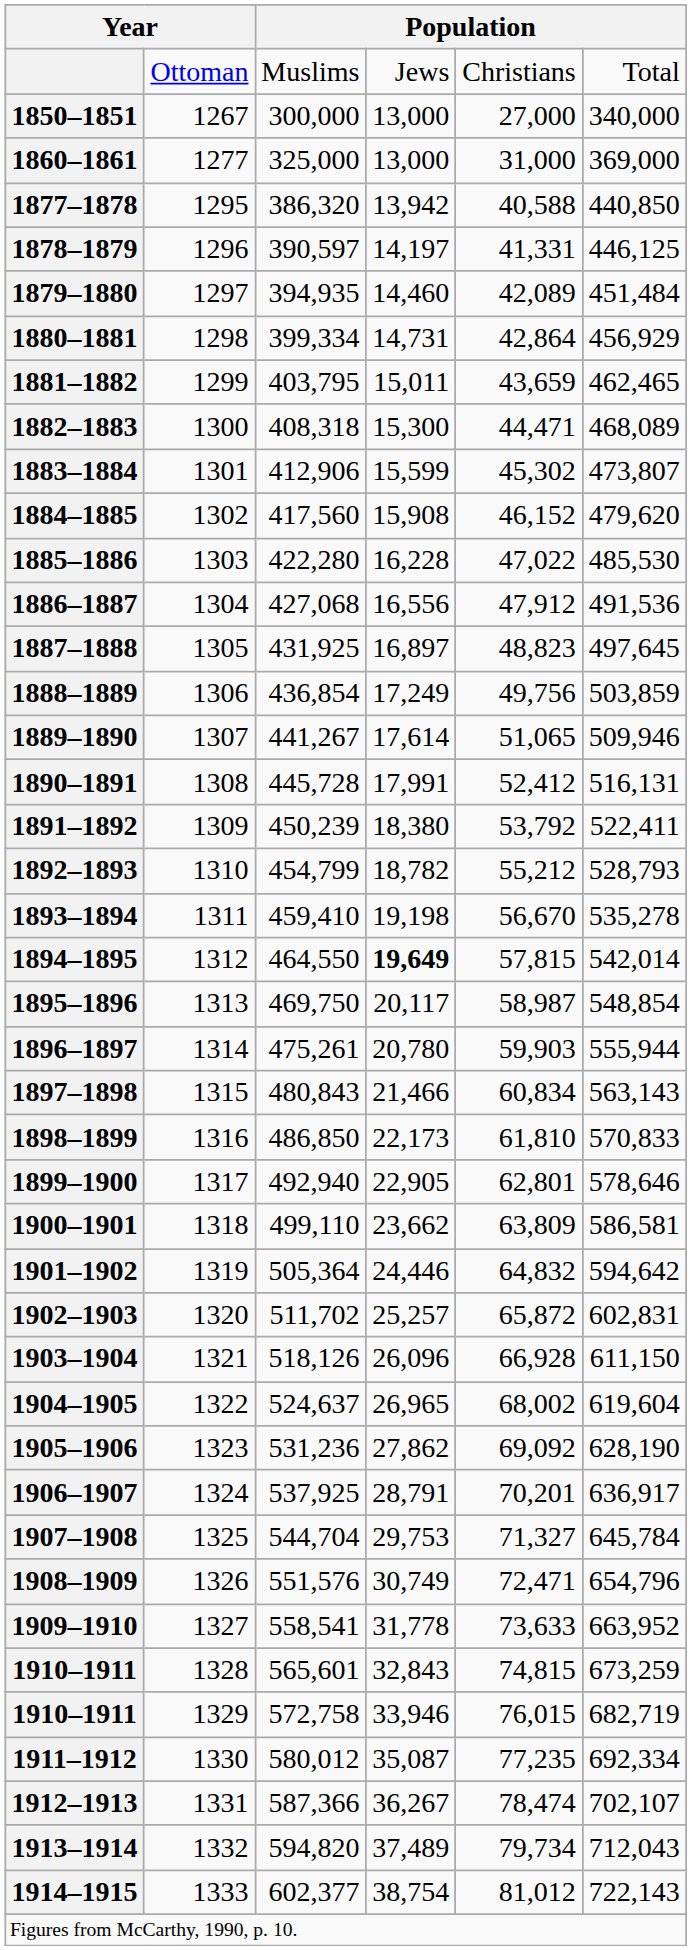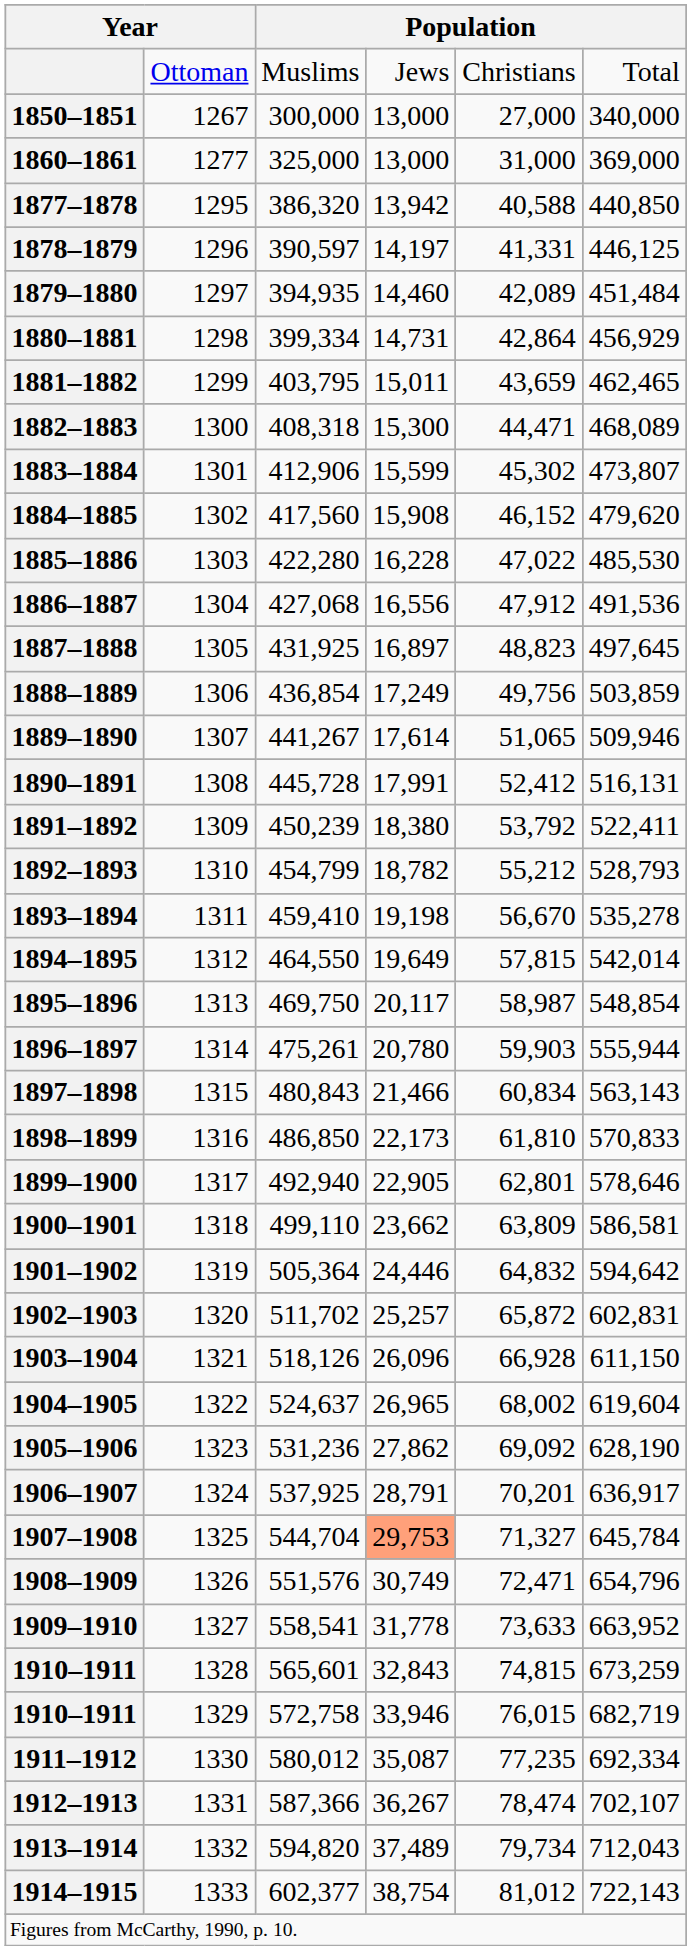 <table class="wikitable sortable" style="text-align:right; float:right">
 <tr>
 <th colspan="2">Year</th>
 <th colspan="4">Population</th>
 </tr>
 <tr>
 <th></th>
 <td><a href='#'>Ottoman</a></td>
 <td>Muslims</td>
 <td>Jews</td>
 <td>Christians</td>
 <td>Total</td>
 </tr>
 <tr>
 <th>1850–1851</th>
 <td>1267</td>
 <td>300,000</td>
 <td>13,000</td>
 <td>27,000</td>
 <td>340,000</td>
 </tr>
 <tr>
 <th>1860–1861</th>
 <td>1277</td>
 <td>325,000</td>
 <td>13,000</td>
 <td>31,000</td>
 <td>369,000</td>
 </tr>
 <tr>
 <th>1877–1878</th>
 <td>1295</td>
 <td>386,320</td>
 <td>13,942</td>
 <td>40,588</td>
 <td>440,850</td>
 </tr>
 <tr>
 <th>1878–1879</th>
 <td>1296</td>
 <td>390,597</td>
 <td>14,197</td>
 <td>41,331</td>
 <td>446,125</td>
 </tr>
 <tr>
 <th>1879–1880</th>
 <td>1297</td>
 <td>394,935</td>
 <td>14,460</td>
 <td>42,089</td>
 <td>451,484</td>
 </tr>
 <tr>
 <th>1880–1881</th>
 <td>1298</td>
 <td>399,334</td>
 <td>14,731</td>
 <td>42,864</td>
 <td>456,929</td>
 </tr>
 <tr>
 <th>1881–1882</th>
 <td>1299</td>
 <td>403,795</td>
 <td>15,011</td>
 <td>43,659</td>
 <td>462,465</td>
 </tr>
 <tr>
 <th>1882–1883</th>
 <td>1300</td>
 <td>408,318</td>
 <td>15,300</td>
 <td>44,471</td>
 <td>468,089</td>
 </tr>
 <tr>
 <th>1883–1884</th>
 <td>1301</td>
 <td>412,906</td>
 <td>15,599</td>
 <td>45,302</td>
 <td>473,807</td>
 </tr>
 <tr>
 <th>1884–1885</th>
 <td>1302</td>
 <td>417,560</td>
 <td>15,908</td>
 <td>46,152</td>
 <td>479,620</td>
 </tr>
 <tr>
 <th>1885–1886</th>
 <td>1303</td>
 <td>422,280</td>
 <td>16,228</td>
 <td>47,022</td>
 <td>485,530</td>
 </tr>
 <tr>
 <th>1886–1887</th>
 <td>1304</td>
 <td>427,068</td>
 <td>16,556</td>
 <td>47,912</td>
 <td>491,536</td>
 </tr>
 <tr>
 <th>1887–1888</th>
 <td>1305</td>
 <td>431,925</td>
 <td>16,897</td>
 <td>48,823</td>
 <td>497,645</td>
 </tr>
 <tr>
 <th>1888–1889</th>
 <td>1306</td>
 <td>436,854</td>
 <td>17,249</td>
 <td>49,756</td>
 <td>503,859</td>
 </tr>
 <tr>
 <th>1889–1890</th>
 <td>1307</td>
 <td>441,267</td>
 <td>17,614</td>
 <td>51,065</td>
 <td>509,946</td>
 </tr>
 <tr>
 <th>1890–1891</th>
 <td>1308</td>
 <td>445,728</td>
 <td>17,991</td>
 <td>52,412</td>
 <td>516,131</td>
 </tr>
 <tr>
 <th>1891–1892</th>
 <td>1309</td>
 <td>450,239</td>
 <td>18,380</td>
 <td>53,792</td>
 <td>522,411</td>
 </tr>
 <tr>
 <th>1892–1893</th>
 <td>1310</td>
 <td>454,799</td>
 <td>18,782</td>
 <td>55,212</td>
 <td>528,793</td>
 </tr>
 <tr>
 <th>1893–1894</th>
 <td>1311</td>
 <td>459,410</td>
 <td>19,198</td>
 <td>56,670</td>
 <td>535,278</td>
 </tr>
 <tr>
 <th>1894–1895</th>
 <td>1312</td>
 <td>464,550</td>
-<td><strong>19,649</strong></td>
+<td>19,649</td>
 <td>57,815</td>
 <td>542,014</td>
 </tr>
 <tr>
 <th>1895–1896</th>
 <td>1313</td>
 <td>469,750</td>
 <td>20,117</td>
 <td>58,987</td>
 <td>548,854</td>
 </tr>
 <tr>
 <th>1896–1897</th>
 <td>1314</td>
 <td>475,261</td>
 <td>20,780</td>
 <td>59,903</td>
 <td>555,944</td>
 </tr>
 <tr>
 <th>1897–1898</th>
 <td>1315</td>
 <td>480,843</td>
 <td>21,466</td>
 <td>60,834</td>
 <td>563,143</td>
 </tr>
 <tr>
 <th>1898–1899</th>
 <td>1316</td>
 <td>486,850</td>
 <td>22,173</td>
 <td>61,810</td>
 <td>570,833</td>
 </tr>
 <tr>
 <th>1899–1900</th>
 <td>1317</td>
 <td>492,940</td>
 <td>22,905</td>
 <td>62,801</td>
 <td>578,646</td>
 </tr>
 <tr>
 <th>1900–1901</th>
 <td>1318</td>
 <td>499,110</td>
 <td>23,662</td>
 <td>63,809</td>
 <td>586,581</td>
 </tr>
 <tr>
 <th>1901–1902</th>
 <td>1319</td>
 <td>505,364</td>
 <td>24,446</td>
 <td>64,832</td>
 <td>594,642</td>
 </tr>
 <tr>
 <th>1902–1903</th>
 <td>1320</td>
 <td>511,702</td>
 <td>25,257</td>
 <td>65,872</td>
 <td>602,831</td>
 </tr>
 <tr>
 <th>1903–1904</th>
 <td>1321</td>
 <td>518,126</td>
 <td>26,096</td>
 <td>66,928</td>
 <td>611,150</td>
 </tr>
 <tr>
 <th>1904–1905</th>
 <td>1322</td>
 <td>524,637</td>
 <td>26,965</td>
 <td>68,002</td>
 <td>619,604</td>
 </tr>
 <tr>
 <th>1905–1906</th>
 <td>1323</td>
 <td>531,236</td>
 <td>27,862</td>
 <td>69,092</td>
 <td>628,190</td>
 </tr>
 <tr>
 <th>1906–1907</th>
 <td>1324</td>
 <td>537,925</td>
 <td>28,791</td>
 <td>70,201</td>
 <td>636,917</td>
 </tr>
 <tr>
 <th>1907–1908</th>
 <td>1325</td>
 <td>544,704</td>
-<td>29,753</td>
+<td style="background: lightsalmon;">29,753</td>
 <td>71,327</td>
 <td>645,784</td>
 </tr>
 <tr>
 <th>1908–1909</th>
 <td>1326</td>
 <td>551,576</td>
 <td>30,749</td>
 <td>72,471</td>
 <td>654,796</td>
 </tr>
 <tr>
 <th>1909–1910</th>
 <td>1327</td>
 <td>558,541</td>
 <td>31,778</td>
 <td>73,633</td>
 <td>663,952</td>
 </tr>
 <tr>
 <th>1910–1911</th>
 <td>1328</td>
 <td>565,601</td>
 <td>32,843</td>
 <td>74,815</td>
 <td>673,259</td>
 </tr>
 <tr>
 <th>1910–1911</th>
 <td>1329</td>
 <td>572,758</td>
 <td>33,946</td>
 <td>76,015</td>
 <td>682,719</td>
 </tr>
 <tr>
 <th>1911–1912</th>
 <td>1330</td>
 <td>580,012</td>
 <td>35,087</td>
 <td>77,235</td>
 <td>692,334</td>
 </tr>
 <tr>
 <th>1912–1913</th>
 <td>1331</td>
 <td>587,366</td>
 <td>36,267</td>
 <td>78,474</td>
 <td>702,107</td>
 </tr>
 <tr>
 <th>1913–1914</th>
 <td>1332</td>
 <td>594,820</td>
 <td>37,489</td>
 <td>79,734</td>
 <td>712,043</td>
 </tr>
 <tr>
 <th>1914–1915</th>
 <td>1333</td>
 <td>602,377</td>
 <td>38,754</td>
 <td>81,012</td>
 <td>722,143</td>
 </tr>
 <tr class="sortbottom">
 <td colspan="6" span style="font-size:70%;" align=left>Figures from McCarthy, 1990, p. 10.</td>
 </tr>
 </table>
